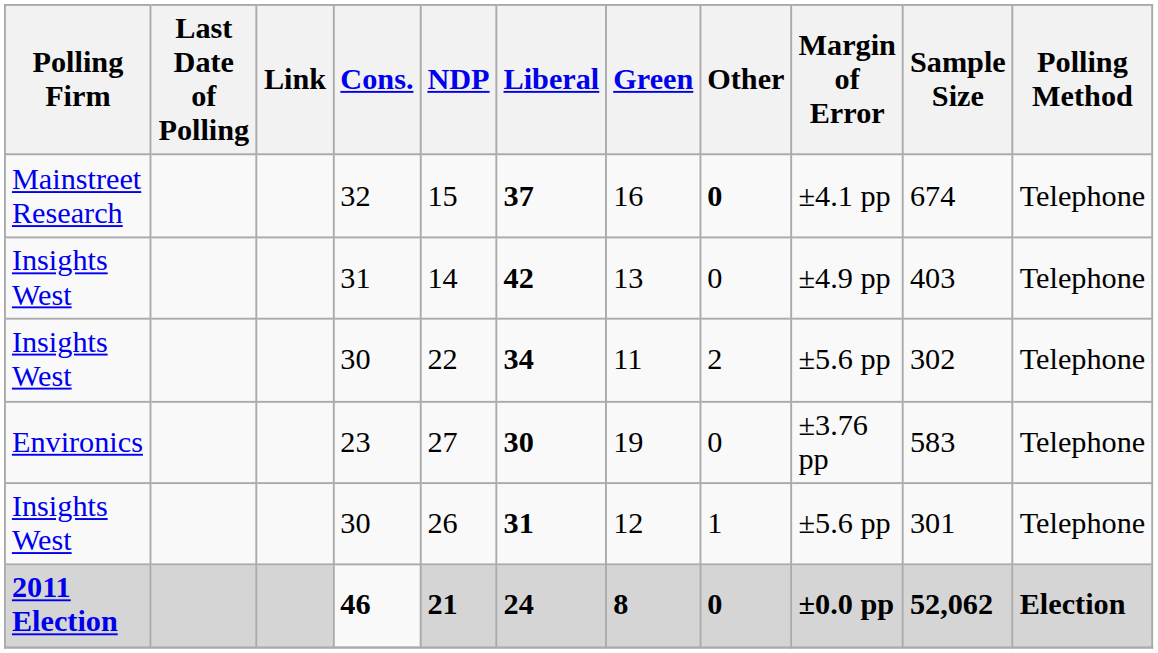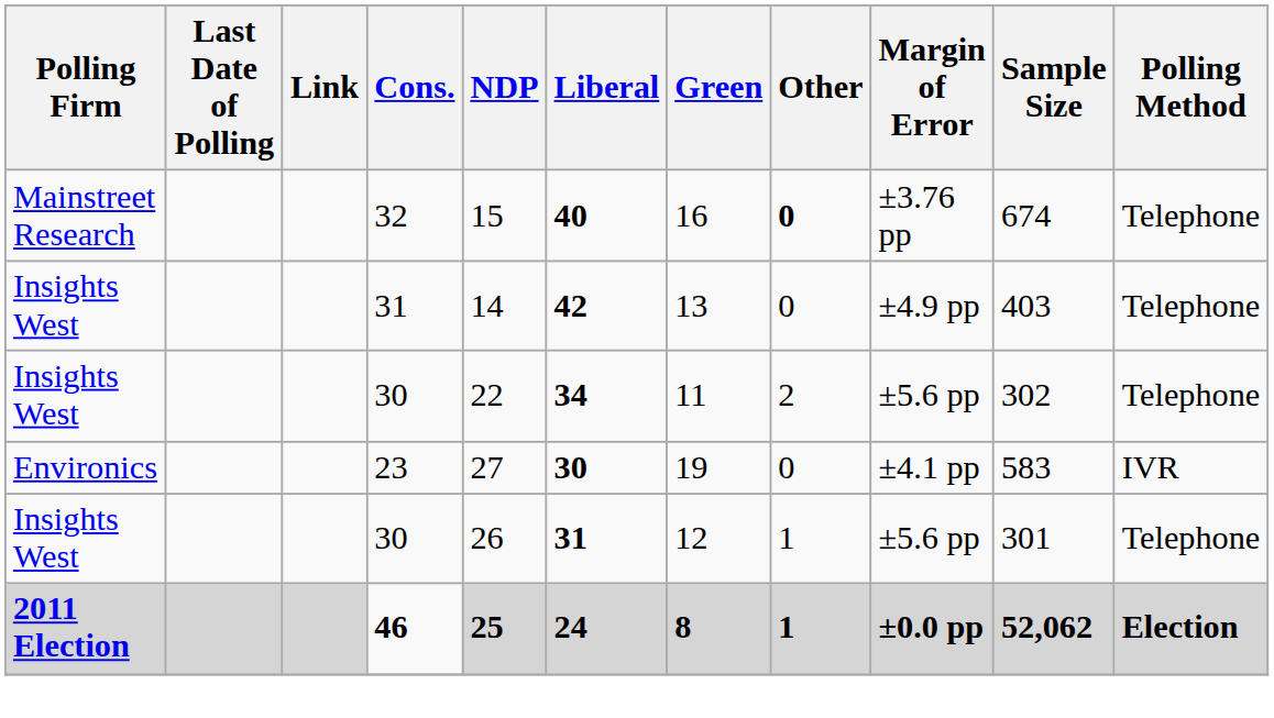 <table class="wikitable sortable">
 <tr style="background:#e9e9e9;">
 <th style="width:120px">Polling Firm</th>
 <th style="width:110px">Last Date<br>of Polling</th>
 <th style="width:60px" class="unsortable">Link</th>
 <th style="background-color:"><strong><a href='#'>Cons.</a></strong></th>
 <th style="background-color:"><strong><a href='#'>NDP</a></strong></th>
 <th style="background-color:"><strong><a href='#'>Liberal</a></strong></th>
 <th style="background-color:"><strong><a href='#'>Green</a></strong></th>
 <th style="background-color:"><strong>Other</strong></th>
 <th style="width:60px;" class=unsortable>Margin<br>of Error</th>
 <th style="width:50px;" class=unsortable>Sample<br>Size</th>
 <th class=unsortable>Polling Method</th>
 </tr>
 <tr>
 <td><a href='#'>Mainstreet Research</a></td>
 <td></td>
 <td></td>
 <td>32</td>
 <td>15</td>
-<td><strong>37</strong></td>
+<td><strong>40</strong></td>
 <td>16</td>
 <td><strong>0</strong></td>
-<td>±4.1 pp</td>
+<td>±3.76 pp</td>
 <td>674</td>
 <td>Telephone</td>
 </tr>
 <tr>
 <td><a href='#'>Insights West</a></td>
 <td></td>
 <td></td>
 <td>31</td>
 <td>14</td>
 <td><strong>42</strong></td>
 <td>13</td>
 <td>0</td>
 <td>±4.9 pp</td>
 <td>403</td>
 <td>Telephone</td>
 </tr>
 <tr>
 <td><a href='#'>Insights West</a></td>
 <td></td>
 <td></td>
 <td>30</td>
 <td>22</td>
 <td><strong>34</strong></td>
 <td>11</td>
 <td>2</td>
 <td>±5.6 pp</td>
 <td>302</td>
 <td>Telephone</td>
 </tr>
 <tr>
 <td><a href='#'>Environics</a></td>
 <td></td>
 <td></td>
 <td>23</td>
 <td>27</td>
 <td><strong>30</strong></td>
 <td>19</td>
 <td>0</td>
-<td>±3.76 pp</td>
+<td>±4.1 pp</td>
 <td>583</td>
-<td>Telephone</td>
+<td>IVR</td>
 </tr>
 <tr>
 <td><a href='#'>Insights West</a></td>
 <td></td>
 <td></td>
 <td>30</td>
 <td>26</td>
 <td><strong>31</strong></td>
 <td>12</td>
 <td>1</td>
 <td>±5.6 pp</td>
 <td>301</td>
 <td>Telephone</td>
 </tr>
 <tr>
 <td style="background:#D5D5D5"><strong><a href='#'>2011 Election</a></strong></td>
 <td style="background:#D5D5D5"><strong></strong></td>
 <td style="background:#D5D5D5"></td>
 <td><strong>46</strong></td>
-<td style="background:#D5D5D5"><strong>21</strong></td>
+<td style="background:#D5D5D5"><strong>25</strong></td>
 <td style="background:#D5D5D5"><strong>24</strong></td>
 <td style="background:#D5D5D5"><strong>8</strong></td>
-<td style="background:#D5D5D5"><strong>0</strong></td>
+<td style="background:#D5D5D5"><strong>1</strong></td>
 <td style="background:#D5D5D5"><strong>±0.0 pp</strong></td>
 <td style="background:#D5D5D5"><strong>52,062</strong></td>
 <td style="background:#D5D5D5"><strong>Election</strong></td>
 </tr>
 <tr>
 </tr>
 <tr>
 </tr>
 </table>
